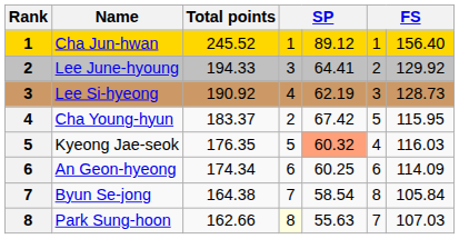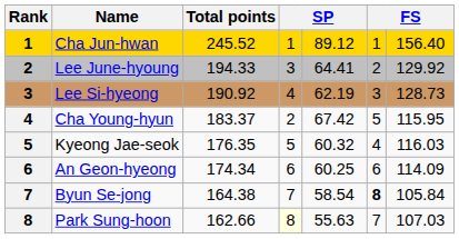 <table class="wikitable sortable">
 <tr>
 <th>Rank</th>
 <th>Name</th>
 <th>Total points</th>
 <th colspan="2" width="80px"><a href='#'>SP</a></th>
 <th colspan="2" width="80px"><a href='#'>FS</a></th>
 </tr>
 <tr bgcolor="gold">
 <td align="center"><strong>1</strong></td>
 <td><a href='#'>Cha Jun-hwan</a></td>
 <td align="center">245.52</td>
 <td align="center">1</td>
 <td align="center">89.12</td>
 <td align="center">1</td>
 <td align="center">156.40</td>
 </tr>
 <tr bgcolor="silver">
 <td align="center"><strong>2</strong></td>
 <td><a href='#'>Lee June-hyoung</a></td>
 <td align="center">194.33</td>
 <td align="center">3</td>
 <td align="center">64.41</td>
 <td align="center">2</td>
 <td align="center">129.92</td>
 </tr>
 <tr bgcolor="cc9966">
 <td align="center"><strong>3</strong></td>
 <td><a href='#'>Lee Si-hyeong</a></td>
 <td align="center">190.92</td>
 <td align="center">4</td>
 <td align="center">62.19</td>
 <td align="center">3</td>
 <td align="center">128.73</td>
 </tr>
 <tr>
 <th>4</th>
 <td><a href='#'>Cha Young-hyun</a></td>
 <td align="center">183.37</td>
 <td align="center">2</td>
 <td align="center">67.42</td>
 <td align="center">5</td>
 <td align="center">115.95</td>
 </tr>
 <tr>
 <th>5</th>
 <td>Kyeong Jae-seok</td>
 <td align="center">176.35</td>
 <td align="center">5</td>
-<td align="center" style="background: lightsalmon;">60.32</td>
+<td align="center">60.32</td>
 <td align="center">4</td>
 <td align="center">116.03</td>
 </tr>
 <tr>
 <th>6</th>
 <td><a href='#'>An Geon-hyeong</a></td>
 <td align="center">174.34</td>
 <td align="center">6</td>
 <td align="center">60.25</td>
 <td align="center">6</td>
 <td align="center">114.09</td>
 </tr>
 <tr>
 <th>7</th>
 <td><a href='#'>Byun Se-jong</a></td>
 <td align="center">164.38</td>
 <td align="center">7</td>
 <td align="center">58.54</td>
-<td align="center">8</td>
+<td align="center"><strong>8</strong></td>
 <td align="center">105.84</td>
 </tr>
 <tr>
 <th>8</th>
 <td><a href='#'>Park Sung-hoon</a></td>
 <td align="center">162.66</td>
 <td align="center" style="background: lightyellow;">8</td>
 <td align="center">55.63</td>
 <td align="center">7</td>
 <td align="center">107.03</td>
 </tr>
 </table>
